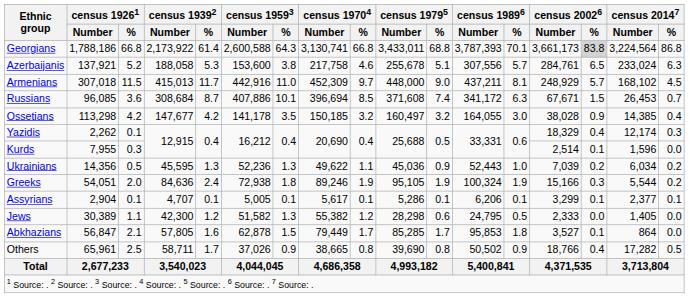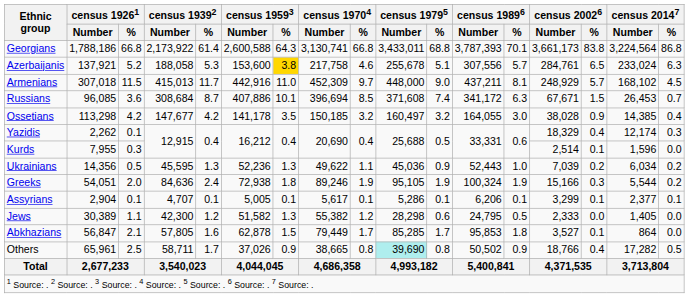 <table class="wikitable">
 <tr bgcolor="#e0e0e0">
 <th rowspan="2">Ethnic<br>group</th>
 <th colspan="2">census 1926<sup>1</sup></th>
 <th colspan="2">census 1939<sup>2</sup></th>
 <th colspan="2">census 1959<sup>3</sup></th>
 <th colspan="2">census 1970<sup>4</sup></th>
 <th colspan="2">census 1979<sup>5</sup></th>
 <th colspan="2">census 1989<sup>6</sup></th>
 <th colspan="2">census 2002<sup>6</sup></th>
 <th colspan="2">census 2014<sup>7</sup></th>
 </tr>
 <tr bgcolor="#e0e0e0">
 <th>Number</th>
 <th>%</th>
 <th>Number</th>
 <th>%</th>
 <th>Number</th>
 <th>%</th>
 <th>Number</th>
 <th>%</th>
 <th>Number</th>
 <th>%</th>
 <th>Number</th>
 <th>%</th>
 <th>Number</th>
 <th>%</th>
 <th>Number</th>
 <th>%</th>
 </tr>
 <tr>
 <td><a href='#'>Georgians</a></td>
 <td align="right">1,788,186</td>
 <td align="right">66.8</td>
 <td align="right">2,173,922</td>
 <td align="right">61.4</td>
 <td align="right">2,600,588</td>
 <td align="right">64.3</td>
 <td align="right">3,130,741</td>
 <td align="right">66.8</td>
 <td align="right">3,433,011</td>
 <td align="right">68.8</td>
 <td align="right">3,787,393</td>
 <td align="right">70.1</td>
 <td align="right">3,661,173</td>
-<td align="right" style="background: lightgrey;">83.8</td>
+<td align="right">83.8</td>
 <td align="right">3,224,564</td>
 <td align="right">86.8</td>
 </tr>
 <tr>
 <td><a href='#'>Azerbaijanis</a></td>
 <td align="right">137,921</td>
 <td align="right">5.2</td>
 <td align="right">188,058</td>
 <td align="right">5.3</td>
 <td align="right">153,600</td>
-<td align="right">3.8</td>
+<td align="right" style="background: gold;">3.8</td>
 <td align="right">217,758</td>
 <td align="right">4.6</td>
 <td align="right">255,678</td>
 <td align="right">5.1</td>
 <td align="right">307,556</td>
 <td align="right">5.7</td>
 <td align="right">284,761</td>
 <td align="right">6.5</td>
 <td align="right">233,024</td>
 <td align="right">6.3</td>
 </tr>
 <tr>
 <td><a href='#'>Armenians</a></td>
 <td align="right">307,018</td>
 <td align="right">11.5</td>
 <td align="right">415,013</td>
 <td align="right">11.7</td>
 <td align="right">442,916</td>
 <td align="right">11.0</td>
 <td align="right">452,309</td>
 <td align="right">9.7</td>
 <td align="right">448,000</td>
 <td align="right">9.0</td>
 <td align="right">437,211</td>
 <td align="right">8.1</td>
 <td align="right">248,929</td>
 <td align="right">5.7</td>
 <td align="right">168,102</td>
 <td align="right">4.5</td>
 </tr>
 <tr>
 <td><a href='#'>Russians</a></td>
 <td align="right">96,085</td>
 <td align="right">3.6</td>
 <td align="right">308,684</td>
 <td align="right">8.7</td>
 <td align="right">407,886</td>
 <td align="right">10.1</td>
 <td align="right">396,694</td>
 <td align="right">8.5</td>
 <td align="right">371,608</td>
 <td align="right">7.4</td>
 <td align="right">341,172</td>
 <td align="right">6.3</td>
 <td align="right">67,671</td>
 <td align="right">1.5</td>
 <td align="right">26,453</td>
 <td align="right">0.7</td>
 </tr>
 <tr>
 <td><a href='#'>Ossetians</a></td>
 <td align="right">113,298</td>
 <td align="right">4.2</td>
 <td align="right">147,677</td>
 <td align="right">4.2</td>
 <td align="right">141,178</td>
 <td align="right">3.5</td>
 <td align="right">150,185</td>
 <td align="right">3.2</td>
 <td align="right">160,497</td>
 <td align="right">3.2</td>
 <td align="right">164,055</td>
 <td align="right">3.0</td>
 <td align="right">38,028</td>
 <td align="right">0.9</td>
 <td align="right">14,385</td>
 <td align="right">0.4</td>
 </tr>
 <tr>
 <td><a href='#'>Yazidis</a></td>
 <td align="right">2,262</td>
 <td align="right">0.1</td>
 <td rowspan="2" align="right">12,915</td>
 <td rowspan="2" align="right">0.4</td>
 <td rowspan="2" align="right">16,212</td>
 <td rowspan="2" align="right">0.4</td>
 <td rowspan="2" align="right">20,690</td>
 <td rowspan="2" align="right">0.4</td>
 <td rowspan="2" align="right">25,688</td>
 <td rowspan="2" align="right">0.5</td>
 <td rowspan="2" align="right">33,331</td>
 <td rowspan="2" align="right">0.6</td>
 <td align="right">18,329</td>
 <td align="right">0.4</td>
 <td align="right">12,174</td>
 <td align="right">0.3</td>
 </tr>
 <tr>
 <td><a href='#'>Kurds</a></td>
 <td align="right">7,955</td>
 <td align="right">0.3</td>
 <td align="right">2,514</td>
 <td align="right">0.1</td>
 <td align="right">1,596</td>
 <td align="right">0.0</td>
 </tr>
 <tr>
 <td><a href='#'>Ukrainians</a></td>
 <td align="right">14,356</td>
 <td align="right">0.5</td>
 <td align="right">45,595</td>
 <td align="right">1.3</td>
 <td align="right">52,236</td>
 <td align="right">1.3</td>
 <td align="right">49,622</td>
 <td align="right">1.1</td>
 <td align="right">45,036</td>
 <td align="right">0.9</td>
 <td align="right">52,443</td>
 <td align="right">1.0</td>
 <td align="right">7,039</td>
 <td align="right">0.2</td>
 <td align="right">6,034</td>
 <td align="right">0.2</td>
 </tr>
 <tr>
 <td><a href='#'>Greeks</a></td>
 <td align="right">54,051</td>
 <td align="right">2.0</td>
 <td align="right">84,636</td>
 <td align="right">2.4</td>
 <td align="right">72,938</td>
 <td align="right">1.8</td>
 <td align="right">89,246</td>
 <td align="right">1.9</td>
 <td align="right">95,105</td>
 <td align="right">1.9</td>
 <td align="right">100,324</td>
 <td align="right">1.9</td>
 <td align="right">15,166</td>
 <td align="right">0.3</td>
 <td align="right">5,544</td>
 <td align="right">0.2</td>
 </tr>
 <tr>
 <td><a href='#'>Assyrians</a></td>
 <td align="right">2,904</td>
 <td align="right">0.1</td>
 <td align="right">4,707</td>
 <td align="right">0.1</td>
 <td align="right">5,005</td>
 <td align="right">0.1</td>
 <td align="right">5,617</td>
 <td align="right">0.1</td>
 <td align="right">5,286</td>
 <td align="right">0.1</td>
 <td align="right">6,206</td>
 <td align="right">0.1</td>
 <td align="right">3,299</td>
 <td align="right">0.1</td>
 <td align="right">2,377</td>
 <td align="right">0.1</td>
 </tr>
 <tr>
 <td><a href='#'>Jews</a></td>
 <td align="right">30,389</td>
 <td align="right">1.1</td>
 <td align="right">42,300</td>
 <td align="right">1.2</td>
 <td align="right">51,582</td>
 <td align="right">1.3</td>
 <td align="right">55,382</td>
 <td align="right">1.2</td>
 <td align="right">28,298</td>
 <td align="right">0.6</td>
 <td align="right">24,795</td>
 <td align="right">0.5</td>
 <td align="right">2,333</td>
 <td align="right">0.0</td>
 <td align="right">1,405</td>
 <td align="right">0.0</td>
 </tr>
 <tr>
 <td><a href='#'>Abkhazians</a></td>
 <td align="right">56,847</td>
 <td align="right">2.1</td>
 <td align="right">57,805</td>
 <td align="right">1.6</td>
 <td align="right">62,878</td>
 <td align="right">1.5</td>
 <td align="right">79,449</td>
 <td align="right">1.7</td>
 <td align="right">85,285</td>
 <td align="right">1.7</td>
 <td align="right">95,853</td>
 <td align="right">1.8</td>
 <td align="right">3,527</td>
 <td align="right">0.1</td>
 <td align="right">864</td>
 <td align="right">0.0</td>
 </tr>
 <tr>
 <td>Others</td>
 <td align="right">65,961</td>
 <td align="right">2.5</td>
 <td align="right">58,711</td>
 <td align="right">1.7</td>
 <td align="right">37,026</td>
 <td align="right">0.9</td>
 <td align="right">38,665</td>
 <td align="right">0.8</td>
-<td align="right">39,690</td>
+<td align="right" style="background: paleturquoise;">39,690</td>
 <td align="right">0.8</td>
 <td align="right">50,502</td>
 <td align="right">0.9</td>
 <td align="right">18,766</td>
 <td align="right">0.4</td>
 <td align="right">17,282</td>
 <td align="right">0.5</td>
 </tr>
 <tr bgcolor="#e0e0e0">
 <th align="left">Total</th>
 <th colspan="2">2,677,233</th>
 <th colspan="2">3,540,023</th>
 <th colspan="2">4,044,045</th>
 <th colspan="2">4,686,358</th>
 <th colspan="2">4,993,182</th>
 <th colspan="2">5,400,841</th>
 <th colspan="2">4,371,535</th>
 <th colspan="2">3,713,804</th>
 </tr>
 <tr>
 <td colspan="17"><small><sup>1</sup> Source: . <sup>2</sup> Source: . <sup>3</sup> Source: . <sup>4</sup> Source: . <sup>5</sup> Source: . <sup>6</sup> Source: . <sup>7</sup> Source: . </small></td>
 </tr>
 </table>
